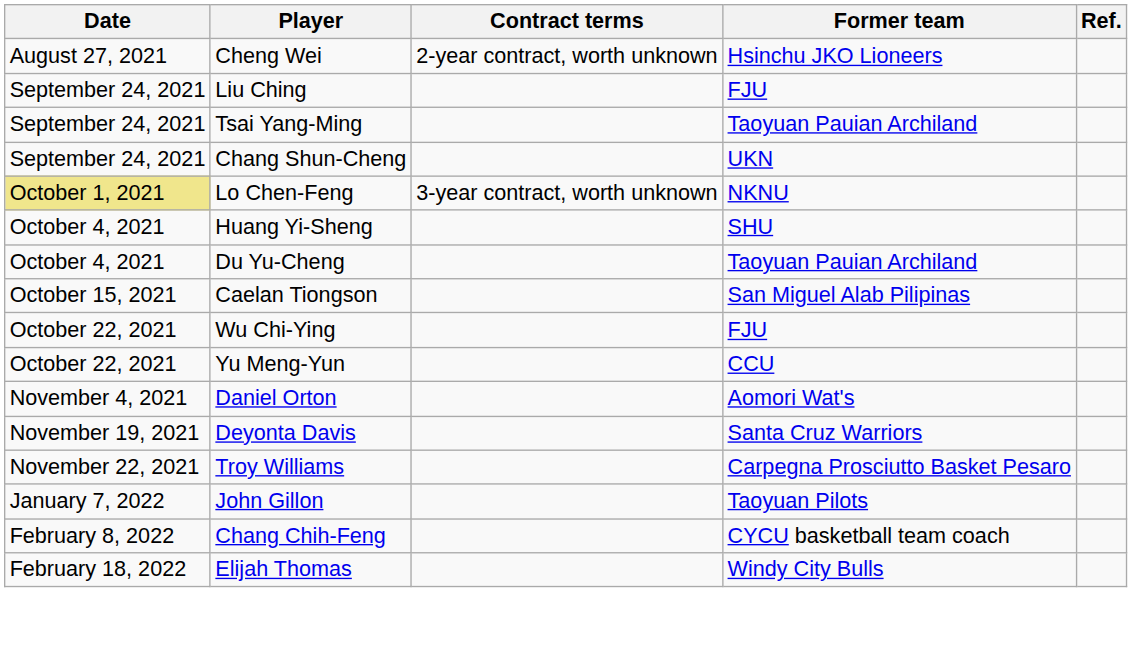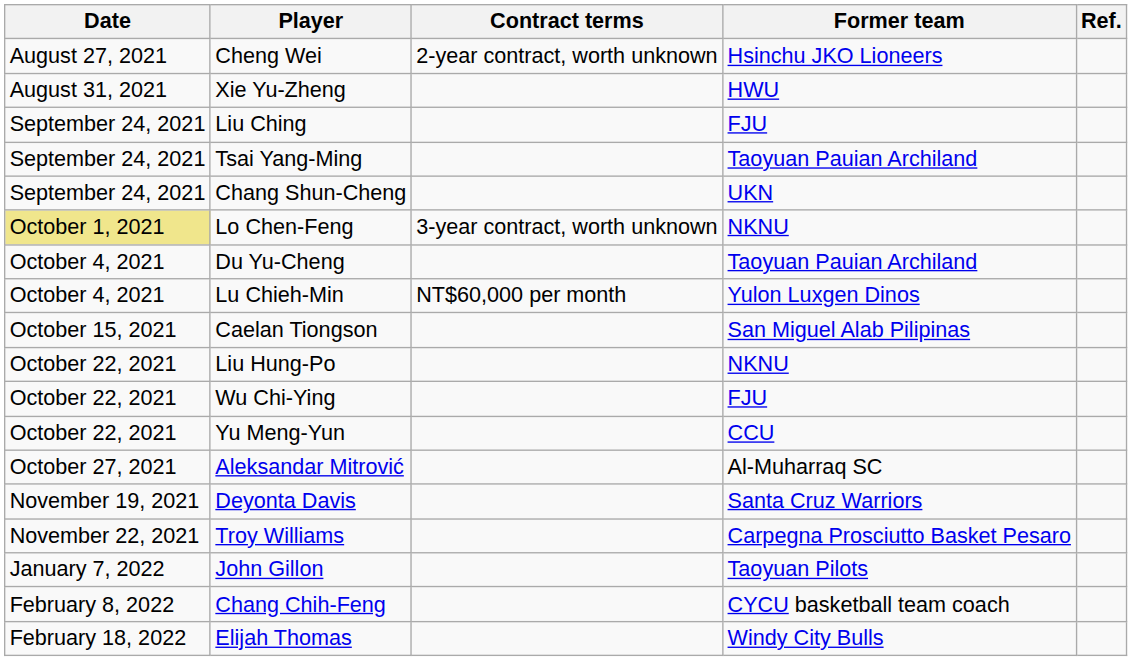 <table class="wikitable">
 <tr>
 <th>Date</th>
 <th>Player</th>
 <th>Contract terms</th>
 <th>Former team</th>
 <th>Ref.</th>
 </tr>
 <tr>
 <td>August 27, 2021</td>
 <td>Cheng Wei</td>
 <td>2-year contract, worth unknown</td>
 <td> <a href='#'>Hsinchu JKO Lioneers</a></td>
+<td></td>
+</tr>
+<tr>
+<td>August 31, 2021</td>
+<td>Xie Yu-Zheng</td>
+<td></td>
+<td> <a href='#'>HWU</a></td>
 <td></td>
 </tr>
 <tr>
 <td>September 24, 2021</td>
 <td>Liu Ching</td>
 <td></td>
 <td> <a href='#'>FJU</a></td>
 <td></td>
 </tr>
 <tr>
 <td>September 24, 2021</td>
 <td>Tsai Yang-Ming</td>
 <td></td>
 <td> <a href='#'>Taoyuan Pauian Archiland</a></td>
 <td></td>
 </tr>
 <tr>
 <td>September 24, 2021</td>
 <td>Chang Shun-Cheng</td>
 <td></td>
 <td> <a href='#'>UKN</a></td>
 <td></td>
 </tr>
 <tr>
 <td style="background: khaki;">October 1, 2021</td>
 <td>Lo Chen-Feng</td>
 <td>3-year contract, worth unknown</td>
 <td> <a href='#'>NKNU</a></td>
 <td></td>
 </tr>
 <tr>
 <td>October 4, 2021</td>
-<td>Huang Yi-Sheng</td>
+<td>Du Yu-Cheng</td>
 <td></td>
-<td> <a href='#'>SHU</a></td>
+<td> <a href='#'>Taoyuan Pauian Archiland</a></td>
 <td></td>
 </tr>
 <tr>
 <td>October 4, 2021</td>
-<td>Du Yu-Cheng</td>
-<td></td>
-<td> <a href='#'>Taoyuan Pauian Archiland</a></td>
+<td>Lu Chieh-Min</td>
+<td>NT$60,000 per month</td>
+<td> <a href='#'>Yulon Luxgen Dinos</a></td>
 <td></td>
 </tr>
 <tr>
 <td>October 15, 2021</td>
 <td>Caelan Tiongson</td>
 <td></td>
 <td> <a href='#'>San Miguel Alab Pilipinas</a></td>
+<td></td>
+</tr>
+<tr>
+<td>October 22, 2021</td>
+<td>Liu Hung-Po</td>
+<td></td>
+<td> <a href='#'>NKNU</a></td>
 <td></td>
 </tr>
 <tr>
 <td>October 22, 2021</td>
 <td>Wu Chi-Ying</td>
 <td></td>
 <td> <a href='#'>FJU</a></td>
 <td></td>
 </tr>
 <tr>
 <td>October 22, 2021</td>
 <td>Yu Meng-Yun</td>
 <td></td>
 <td> <a href='#'>CCU</a></td>
 <td></td>
 </tr>
 <tr>
-<td>November 4, 2021</td>
-<td><a href='#'>Daniel Orton</a></td>
+<td>October 27, 2021</td>
+<td><a href='#'>Aleksandar Mitrović</a></td>
 <td></td>
-<td> <a href='#'>Aomori Wat's</a></td>
+<td> Al-Muharraq SC</td>
 <td></td>
 </tr>
 <tr>
 <td>November 19, 2021</td>
 <td><a href='#'>Deyonta Davis</a></td>
 <td></td>
 <td> <a href='#'>Santa Cruz Warriors</a></td>
 <td></td>
 </tr>
 <tr>
 <td>November 22, 2021</td>
 <td><a href='#'>Troy Williams</a></td>
 <td></td>
 <td> <a href='#'>Carpegna Prosciutto Basket Pesaro</a></td>
 <td></td>
 </tr>
 <tr>
 <td>January 7, 2022</td>
 <td><a href='#'>John Gillon</a></td>
 <td></td>
 <td> <a href='#'>Taoyuan Pilots</a></td>
 <td></td>
 </tr>
 <tr>
 <td>February 8, 2022</td>
 <td><a href='#'>Chang Chih-Feng</a></td>
 <td></td>
 <td> <a href='#'>CYCU</a> basketball team coach</td>
 <td></td>
 </tr>
 <tr>
 <td>February 18, 2022</td>
 <td><a href='#'>Elijah Thomas</a></td>
 <td></td>
 <td> <a href='#'>Windy City Bulls</a></td>
 <td></td>
 </tr>
 </table>
